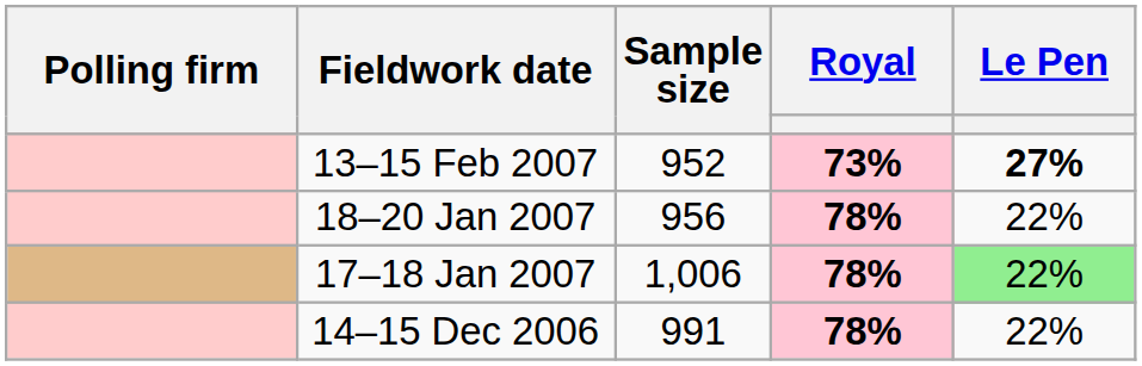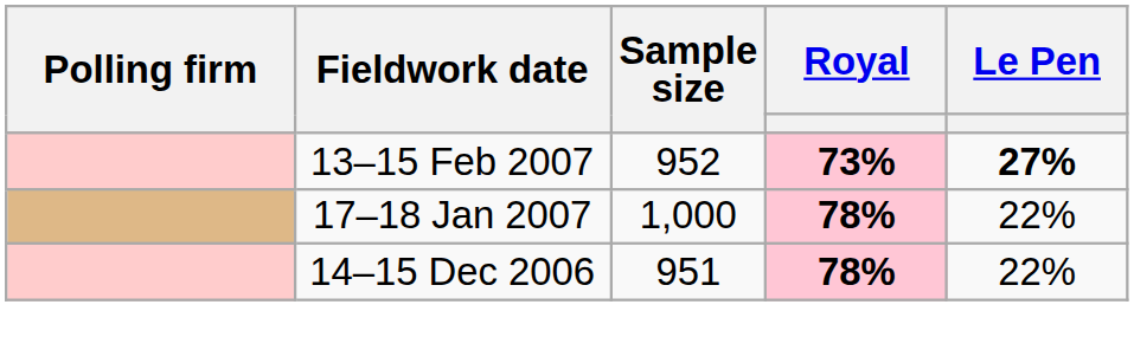 <table class="wikitable sortable" style="text-align:center;font-size:90%;line-height:14px;">
 <tr style="height:40px;">
 <th style="width:100px;" rowspan="2">Polling firm</th>
 <th style="width:110px;" rowspan="2">Fieldwork date</th>
 <th style="width:35px;" rowspan="2">Sample<br>size</th>
 <th class="unsortable" style="width:60px;"><a href='#'>Royal</a><br></th>
 <th class="unsortable" style="width:60px;"><a href='#'>Le Pen</a><br></th>
 </tr>
 <tr>
 <th style="background:"></th>
 <th style="background:"></th>
 </tr>
 <tr>
 <td style="background:#FFCCCC;"></td>
 <td data-sort-value="2007-02-15">13–15 Feb 2007</td>
 <td>952</td>
 <td style="background:#FFC6D5;"><strong>73%</strong></td>
 <td><strong>27%</strong></td>
 </tr>
 <tr>
-<td style="background:#FFCCCC;"></td>
-<td data-sort-value="2007-01-20">18–20 Jan 2007</td>
-<td>956</td>
+<td style="background:burlywood;"></td>
+<td data-sort-value="2007-01-18">17–18 Jan 2007</td>
+<td>1,000</td>
 <td style="background:#FFC6D5;"><strong>78%</strong></td>
 <td>22%</td>
 </tr>
 <tr>
-<td style="background:burlywood;"></td>
-<td data-sort-value="2007-01-18">17–18 Jan 2007</td>
-<td>1,006</td>
-<td style="background:#FFC6D5;"><strong>78%</strong></td>
-<td style="background: lightgreen;">22%</td>
-</tr>
-<tr>
 <td style="background:#FFCCCC;"></td>
 <td data-sort-value="2006-12-15">14–15 Dec 2006</td>
-<td>991</td>
+<td>951</td>
 <td style="background:#FFC6D5;"><strong>78%</strong></td>
 <td>22%</td>
 </tr>
 </table>
